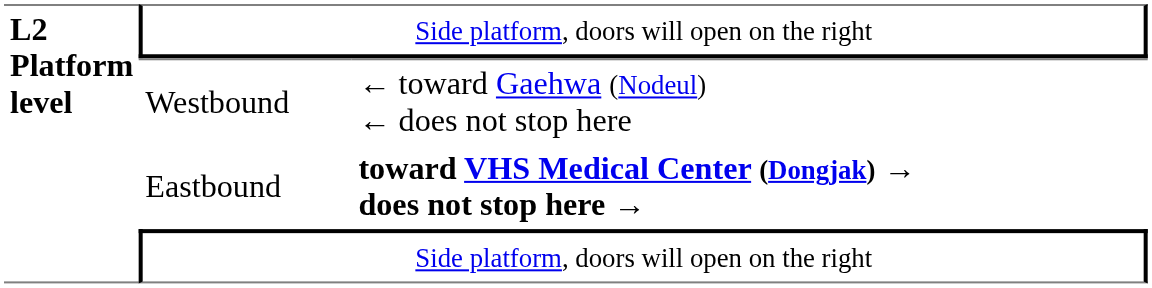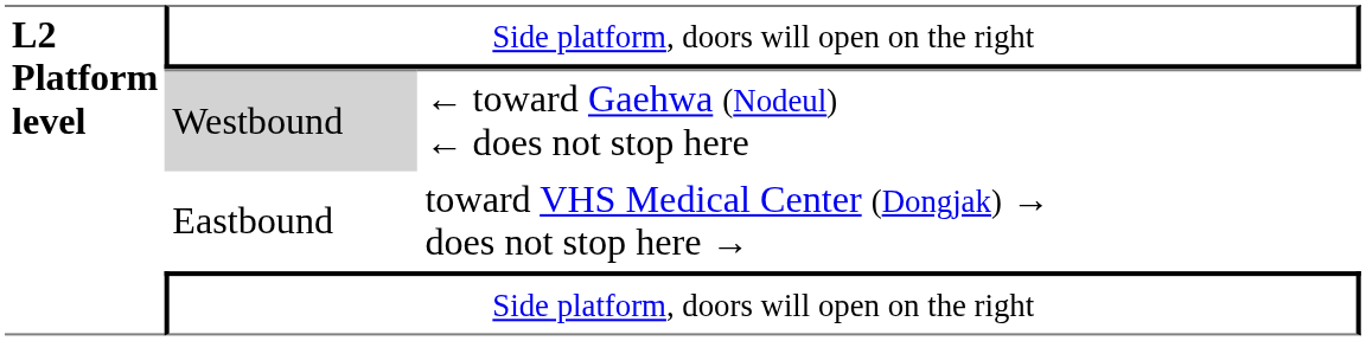 <table table border=0 cellspacing=0 cellpadding=3>
 <tr>
 <td style="border-top:solid 1px gray;border-bottom:solid 1px gray;" width=50 rowspan=10 valign=top><strong>L2<br>Platform level</strong></td>
 <td style="border-top:solid 1px gray;border-right:solid 2px black;border-left:solid 2px black;border-bottom:solid 2px black;text-align:center;" colspan=2><small><a href='#'>Side platform</a>, doors will open on the right </small></td>
 </tr>
 <tr>
-<td style="border-bottom:solid 0px gray;border-top:solid 1px gray;" width=100>Westbound</td>
+<td style="background: lightgrey; border-bottom:solid 0px gray;border-top:solid 1px gray;" width=100>Westbound</td>
 <td style="border-bottom:solid 0px gray;border-top:solid 1px gray;" width=390>←  toward <a href='#'>Gaehwa</a> <small>(<a href='#'>Nodeul</a>)</small><br>← <span> does not stop here</span></td>
 </tr>
 <tr>
 <td>Eastbound</td>
-<td><strong>  toward <a href='#'>VHS Medical Center</a> <small>(<a href='#'>Dongjak</a>)</small> →<br>  does not stop here →</strong></td>
+<td>  toward <a href='#'>VHS Medical Center</a> <small>(<a href='#'>Dongjak</a>)</small> →<br>  does not stop here →</td>
 </tr>
 <tr>
 <td style="border-top:solid 2px black;border-right:solid 2px black;border-left:solid 2px black;border-bottom:solid 1px gray;text-align:center;" colspan=2><small><a href='#'>Side platform</a>, doors will open on the right </small></td>
 </tr>
 </table>
